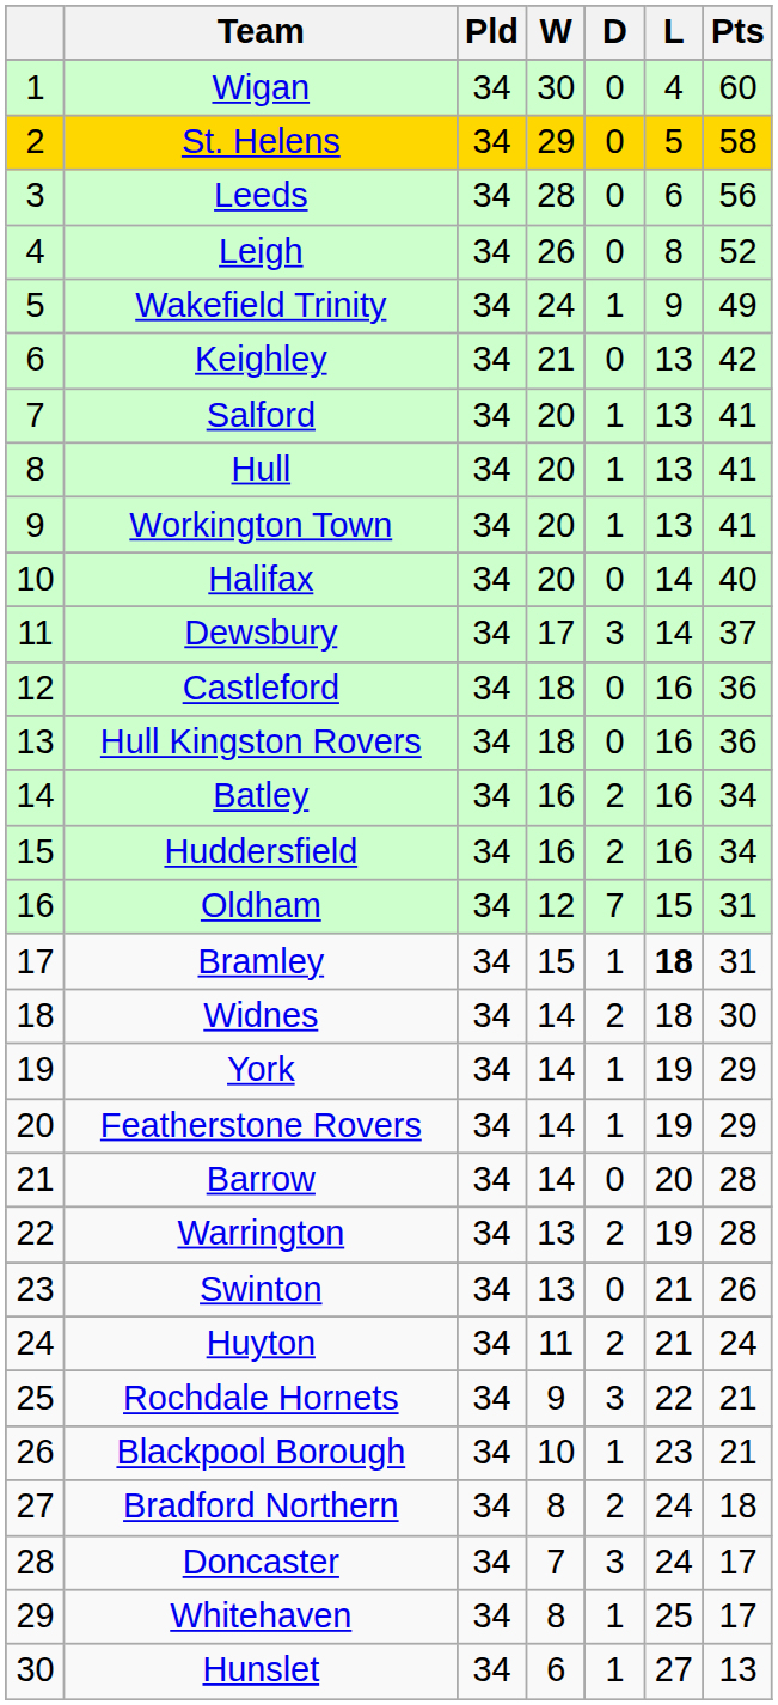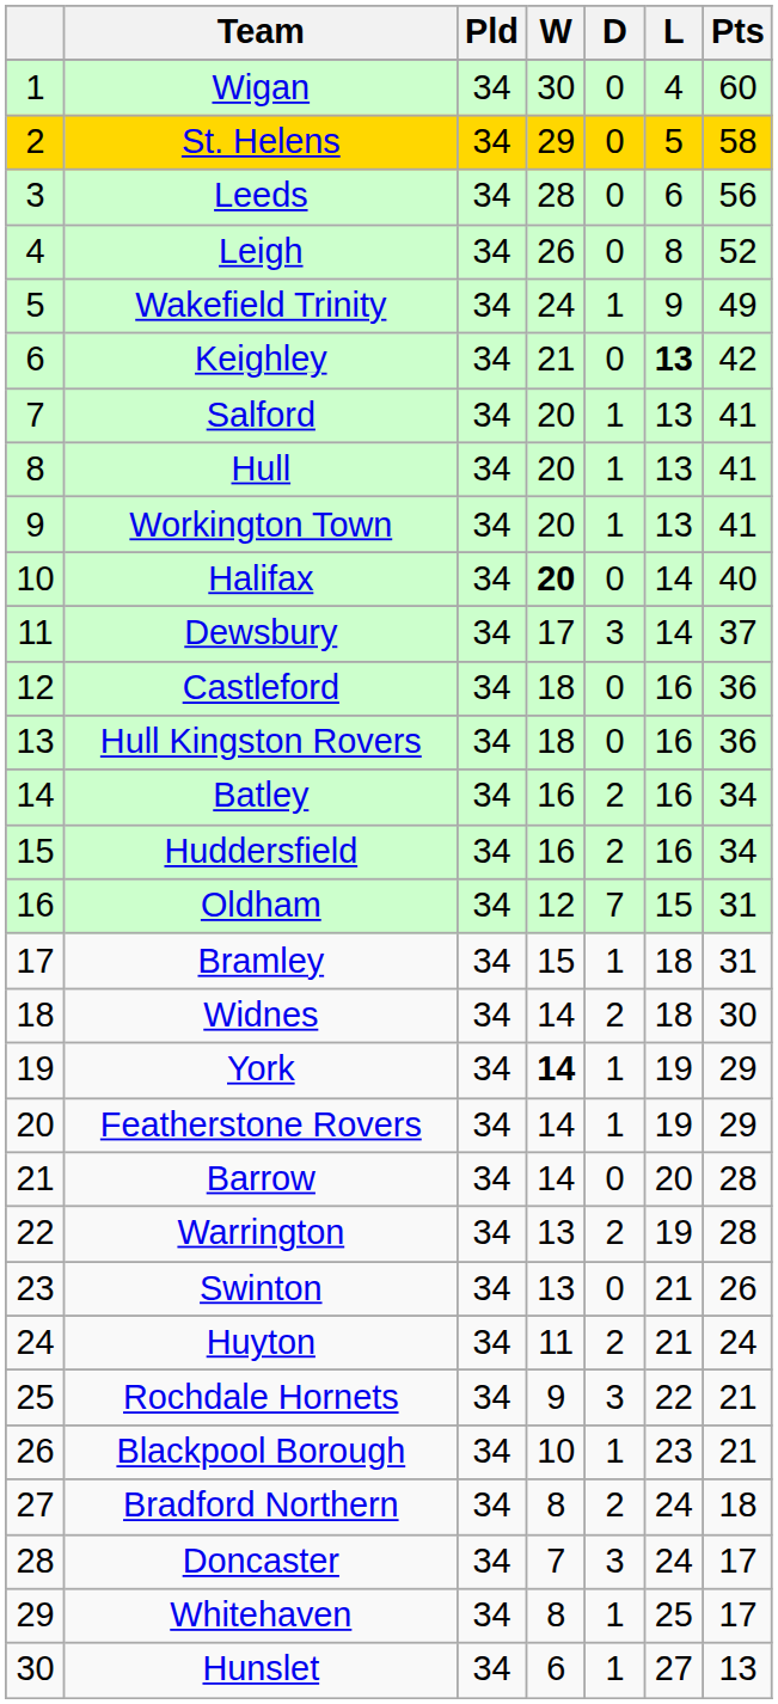 <table class="wikitable" style="text-align:center;">
 <tr>
 <th width=20 abbr="Position"></th>
 <th width=175>Team</th>
 <th width=20 abbr="Played">Pld</th>
 <th width=20 abbr="Won">W</th>
 <th width=20 abbr="Drawn">D</th>
 <th width=20 abbr="Lost">L</th>
 <th width=20 abbr="Points">Pts</th>
 </tr>
 <tr>
 </tr>
 <tr align=center style="background:#ccffcc;color:">
 <td>1</td>
 <td><a href='#'>Wigan</a></td>
 <td>34</td>
 <td>30</td>
 <td>0</td>
 <td>4</td>
 <td>60</td>
 </tr>
 <tr align=center style="background:#FFD700;">
 <td>2</td>
 <td><a href='#'>St. Helens</a></td>
 <td>34</td>
 <td>29</td>
 <td>0</td>
 <td>5</td>
 <td>58</td>
 </tr>
 <tr align=center style="background:#ccffcc;color:">
 <td>3</td>
 <td><a href='#'>Leeds</a></td>
 <td>34</td>
 <td>28</td>
 <td>0</td>
 <td>6</td>
 <td>56</td>
 </tr>
 <tr align=center style="background:#ccffcc;color:">
 <td>4</td>
 <td><a href='#'>Leigh</a></td>
 <td>34</td>
 <td>26</td>
 <td>0</td>
 <td>8</td>
 <td>52</td>
 </tr>
 <tr align=center style="background:#ccffcc;color:">
 <td>5</td>
 <td><a href='#'>Wakefield Trinity</a></td>
 <td>34</td>
 <td>24</td>
 <td>1</td>
 <td>9</td>
 <td>49</td>
 </tr>
 <tr align=center style="background:#ccffcc;color:">
 <td>6</td>
 <td><a href='#'>Keighley</a></td>
 <td>34</td>
 <td>21</td>
 <td>0</td>
-<td>13</td>
+<td><strong>13</strong></td>
 <td>42</td>
 </tr>
 <tr align=center style="background:#ccffcc;color:">
 <td>7</td>
 <td><a href='#'>Salford</a></td>
 <td>34</td>
 <td>20</td>
 <td>1</td>
 <td>13</td>
 <td>41</td>
 </tr>
 <tr align=center style="background:#ccffcc;color:">
 <td>8</td>
 <td><a href='#'>Hull</a></td>
 <td>34</td>
 <td>20</td>
 <td>1</td>
 <td>13</td>
 <td>41</td>
 </tr>
 <tr align=center style="background:#ccffcc;color:">
 <td>9</td>
 <td><a href='#'>Workington Town</a></td>
 <td>34</td>
 <td>20</td>
 <td>1</td>
 <td>13</td>
 <td>41</td>
 </tr>
 <tr align=center style="background:#ccffcc;color:">
 <td>10</td>
 <td><a href='#'>Halifax</a></td>
 <td>34</td>
-<td>20</td>
+<td><strong>20</strong></td>
 <td>0</td>
 <td>14</td>
 <td>40</td>
 </tr>
 <tr align=center style="background:#ccffcc;color:">
 <td>11</td>
 <td><a href='#'>Dewsbury</a></td>
 <td>34</td>
 <td>17</td>
 <td>3</td>
 <td>14</td>
 <td>37</td>
 </tr>
 <tr align=center style="background:#ccffcc;color:">
 <td>12</td>
 <td><a href='#'>Castleford</a></td>
 <td>34</td>
 <td>18</td>
 <td>0</td>
 <td>16</td>
 <td>36</td>
 </tr>
 <tr align=center style="background:#ccffcc;color:">
 <td>13</td>
 <td><a href='#'>Hull Kingston Rovers</a></td>
 <td>34</td>
 <td>18</td>
 <td>0</td>
 <td>16</td>
 <td>36</td>
 </tr>
 <tr align=center style="background:#ccffcc;color:">
 <td>14</td>
 <td><a href='#'>Batley</a></td>
 <td>34</td>
 <td>16</td>
 <td>2</td>
 <td>16</td>
 <td>34</td>
 </tr>
 <tr align=center style="background:#ccffcc;color:">
 <td>15</td>
 <td><a href='#'>Huddersfield</a></td>
 <td>34</td>
 <td>16</td>
 <td>2</td>
 <td>16</td>
 <td>34</td>
 </tr>
 <tr align=center style="background:#ccffcc;color:">
 <td>16</td>
 <td><a href='#'>Oldham</a></td>
 <td>34</td>
 <td>12</td>
 <td>7</td>
 <td>15</td>
 <td>31</td>
 </tr>
 <tr align=center style="background:">
 <td>17</td>
 <td><a href='#'>Bramley</a></td>
 <td>34</td>
 <td>15</td>
 <td>1</td>
-<td><strong>18</strong></td>
+<td>18</td>
 <td>31</td>
 </tr>
 <tr align=center style="background:">
 <td>18</td>
 <td><a href='#'>Widnes</a></td>
 <td>34</td>
 <td>14</td>
 <td>2</td>
 <td>18</td>
 <td>30</td>
 </tr>
 <tr align=center style="background:">
 <td>19</td>
 <td><a href='#'>York</a></td>
 <td>34</td>
-<td>14</td>
+<td><strong>14</strong></td>
 <td>1</td>
 <td>19</td>
 <td>29</td>
 </tr>
 <tr align=center style="background:">
 <td>20</td>
 <td><a href='#'>Featherstone Rovers</a></td>
 <td>34</td>
 <td>14</td>
 <td>1</td>
 <td>19</td>
 <td>29</td>
 </tr>
 <tr align=center style="background:">
 <td>21</td>
 <td><a href='#'>Barrow</a></td>
 <td>34</td>
 <td>14</td>
 <td>0</td>
 <td>20</td>
 <td>28</td>
 </tr>
 <tr align=center style="background:">
 <td>22</td>
 <td><a href='#'>Warrington</a></td>
 <td>34</td>
 <td>13</td>
 <td>2</td>
 <td>19</td>
 <td>28</td>
 </tr>
 <tr align=center style="background:">
 <td>23</td>
 <td><a href='#'>Swinton</a></td>
 <td>34</td>
 <td>13</td>
 <td>0</td>
 <td>21</td>
 <td>26</td>
 </tr>
 <tr align=center style="background:">
 <td>24</td>
 <td><a href='#'>Huyton</a></td>
 <td>34</td>
 <td>11</td>
 <td>2</td>
 <td>21</td>
 <td>24</td>
 </tr>
 <tr align=center style="background:">
 <td>25</td>
 <td><a href='#'>Rochdale Hornets</a></td>
 <td>34</td>
 <td>9</td>
 <td>3</td>
 <td>22</td>
 <td>21</td>
 </tr>
 <tr align=center style="background:">
 <td>26</td>
 <td><a href='#'>Blackpool Borough</a></td>
 <td>34</td>
 <td>10</td>
 <td>1</td>
 <td>23</td>
 <td>21</td>
 </tr>
 <tr align=center style="background:">
 <td>27</td>
 <td><a href='#'>Bradford Northern</a></td>
 <td>34</td>
 <td>8</td>
 <td>2</td>
 <td>24</td>
 <td>18</td>
 </tr>
 <tr align=center style="background:">
 <td>28</td>
 <td><a href='#'>Doncaster</a></td>
 <td>34</td>
 <td>7</td>
 <td>3</td>
 <td>24</td>
 <td>17</td>
 </tr>
 <tr align=center style="background:">
 <td>29</td>
 <td><a href='#'>Whitehaven</a></td>
 <td>34</td>
 <td>8</td>
 <td>1</td>
 <td>25</td>
 <td>17</td>
 </tr>
 <tr align=center style="background:">
 <td>30</td>
 <td><a href='#'>Hunslet</a></td>
 <td>34</td>
 <td>6</td>
 <td>1</td>
 <td>27</td>
 <td>13</td>
 </tr>
 <tr>
 </tr>
 </table>
